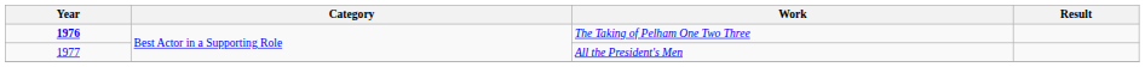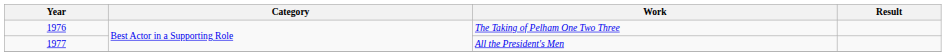 <table class="wikitable" width="75%" cellpadding="4" style="font-size: 95%">
 <tr>
 <th width="10%">Year</th>
 <th width="35%">Category</th>
 <th width="35%">Work</th>
 <th width="10%">Result</th>
 </tr>
 <tr>
-<td style="text-align:center;"><strong><a href='#'>1976</a></strong></td>
+<td style="text-align:center;"><a href='#'>1976</a></td>
 <td rowspan="2"><a href='#'>Best Actor in a Supporting Role</a></td>
 <td><em><a href='#'>The Taking of Pelham One Two Three</a></em></td>
 <td></td>
 </tr>
 <tr>
 <td style="text-align:center;"><a href='#'>1977</a></td>
 <td><em><a href='#'>All the President's Men</a></em></td>
 <td></td>
 </tr>
 <tr>
 </tr>
 </table>
